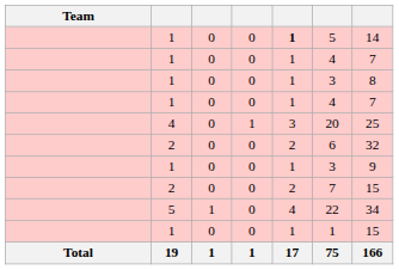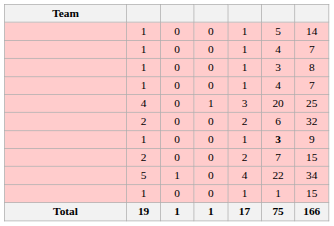 <table class="wikitable" style="text-align:center;">
 <tr>
 <th width=165>Team</th>
 <th width=40></th>
 <th width=40></th>
 <th width=40></th>
 <th width=40></th>
 <th width=40></th>
 <th width=40></th>
 </tr>
 <tr bgcolor=#FFCCCC>
 <td align=left></td>
 <td>1</td>
 <td>0</td>
 <td>0</td>
-<td><strong>1</strong></td>
+<td>1</td>
 <td>5</td>
 <td>14</td>
 </tr>
 <tr bgcolor=#FFCCCC>
 <td align=left></td>
 <td>1</td>
 <td>0</td>
 <td>0</td>
 <td>1</td>
 <td>4</td>
 <td>7</td>
 </tr>
 <tr bgcolor=#FFCCCC>
 <td align=left></td>
 <td>1</td>
 <td>0</td>
 <td>0</td>
 <td>1</td>
 <td>3</td>
 <td>8</td>
 </tr>
 <tr bgcolor=#FFCCCC>
 <td align=left></td>
 <td>1</td>
 <td>0</td>
 <td>0</td>
 <td>1</td>
 <td>4</td>
 <td>7</td>
 </tr>
 <tr bgcolor=#FFCCCC>
 <td align=left></td>
 <td>4</td>
 <td>0</td>
 <td>1</td>
 <td>3</td>
 <td>20</td>
 <td>25</td>
 </tr>
 <tr bgcolor=#FFCCCC>
 <td align=left></td>
 <td>2</td>
 <td>0</td>
 <td>0</td>
 <td>2</td>
 <td>6</td>
 <td>32</td>
 </tr>
 <tr bgcolor=#FFCCCC>
 <td align=left></td>
 <td>1</td>
 <td>0</td>
 <td>0</td>
 <td>1</td>
-<td>3</td>
+<td><strong>3</strong></td>
 <td>9</td>
 </tr>
 <tr bgcolor=#FFCCCC>
 <td align=left></td>
 <td>2</td>
 <td>0</td>
 <td>0</td>
 <td>2</td>
 <td>7</td>
 <td>15</td>
 </tr>
 <tr bgcolor=#FFCCCC>
 <td align=left></td>
 <td>5</td>
 <td>1</td>
 <td>0</td>
 <td>4</td>
 <td>22</td>
 <td>34</td>
 </tr>
 <tr bgcolor=#FFCCCC>
 <td align=left></td>
 <td>1</td>
 <td>0</td>
 <td>0</td>
 <td>1</td>
 <td>1</td>
 <td>15</td>
 </tr>
 <tr>
 <th>Total</th>
 <th>19</th>
 <th>1</th>
 <th>1</th>
 <th>17</th>
 <th>75</th>
 <th>166</th>
 </tr>
 </table>
